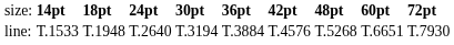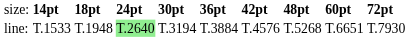 <table style="margin-left:40px;">
 <tr>
 <td>size:</td>
 <td><strong>14pt</strong></td>
 <td><strong>18pt</strong></td>
 <td><strong>24pt</strong></td>
 <td><strong>30pt</strong></td>
 <td><strong>36pt</strong></td>
 <td><strong>42pt</strong></td>
 <td><strong>48pt</strong></td>
 <td><strong>60pt</strong></td>
 <td><strong>72pt</strong></td>
 </tr>
 <tr>
 <td>line:</td>
 <td>T.1533</td>
 <td>T.1948</td>
-<td>T.2640</td>
+<td style="background: lightgreen;">T.2640</td>
 <td>T.3194</td>
 <td>T.3884</td>
 <td>T.4576</td>
 <td>T.5268</td>
 <td>T.6651</td>
 <td>T.7930</td>
 </tr>
 </table>
